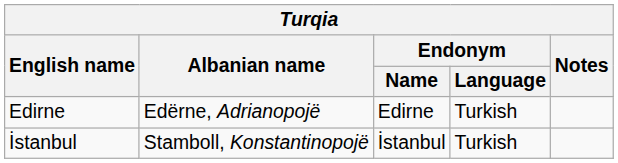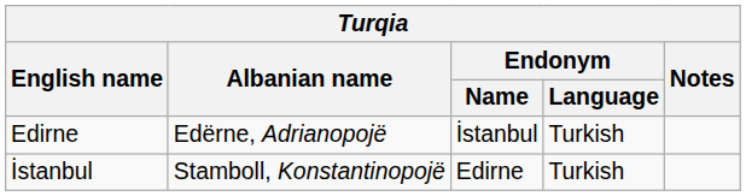 <table class="wikitable sortable">
 <tr>
 <th colspan="5"> <em>Turqia</em></th>
 </tr>
 <tr>
 <th rowspan="2">English name</th>
 <th rowspan="2">Albanian name</th>
 <th colspan="2">Endonym</th>
 <th rowspan="2">Notes</th>
 </tr>
 <tr>
 <th>Name</th>
 <th>Language</th>
 </tr>
 <tr>
 <td>Edirne</td>
 <td>Edërne, <em>Adrianopojë</em></td>
-<td>Edirne</td>
+<td>İstanbul</td>
 <td>Turkish</td>
 <td></td>
 </tr>
 <tr>
 <td>İstanbul</td>
 <td>Stamboll, <em>Konstantinopojë</em></td>
-<td>İstanbul</td>
+<td>Edirne</td>
 <td>Turkish</td>
 <td></td>
 </tr>
 </table>
